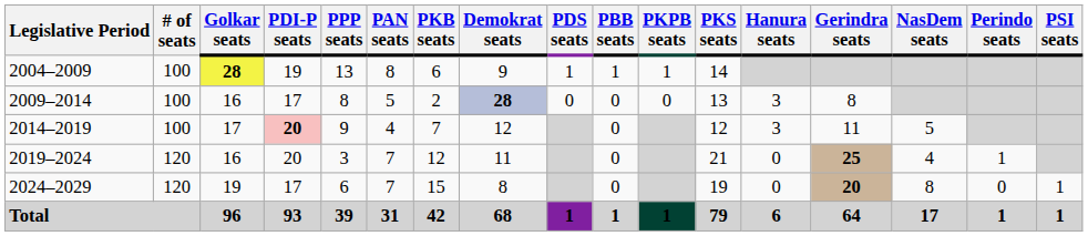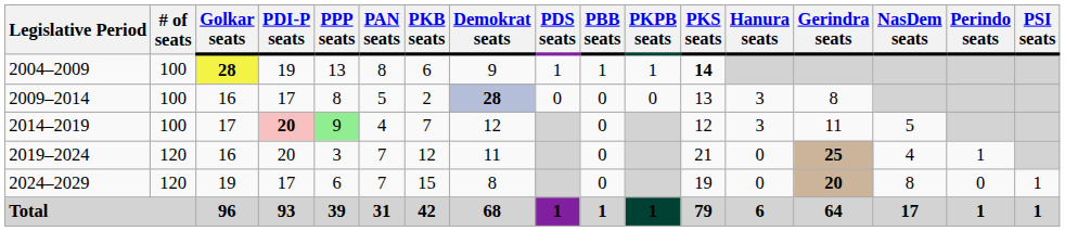 <table class="wikitable sortable" style="text-align:center">
 <tr>
 <th>Legislative Period</th>
 <th># of<br>seats</th>
 <th style="border-bottom:3px solid "><a href='#'>Golkar</a><br>seats</th>
 <th style="border-bottom:3px solid "><a href='#'>PDI-P</a><br>seats</th>
 <th style="border-bottom:3px solid "><a href='#'>PPP</a><br>seats</th>
 <th style="border-bottom:3px solid "><a href='#'>PAN</a><br>seats</th>
 <th style="border-bottom:3px solid "><a href='#'>PKB</a><br>seats</th>
 <th style="border-bottom:3px solid "><a href='#'>Demokrat</a><br>seats</th>
 <th style="border-bottom:3px solid #801fa0;"><a href='#'>PDS</a><br>seats</th>
 <th style="border-bottom:3px solid "><a href='#'>PBB</a><br>seats</th>
 <th style="border-bottom:3px solid #014133;"><a href='#'>PKPB</a><br>seats</th>
 <th style="border-bottom:3px solid "><a href='#'>PKS</a><br>seats</th>
 <th style="border-bottom:3px solid "><a href='#'>Hanura</a><br>seats</th>
 <th style="border-bottom:3px solid "><a href='#'>Gerindra</a><br>seats</th>
 <th style="border-bottom:3px solid "><a href='#'>NasDem</a><br>seats</th>
 <th style="border-bottom:3px solid "><a href='#'>Perindo</a><br>seats</th>
 <th style="border-bottom:3px solid "><a href='#'>PSI</a><br>seats</th>
 </tr>
 <tr>
 <td style="text-align:left">2004–2009</td>
 <td>100</td>
 <td bgcolor="#F3F345"><strong>28</strong></td>
 <td>19</td>
 <td>13</td>
 <td>8</td>
 <td>6</td>
 <td>9</td>
 <td>1</td>
 <td>1</td>
 <td>1</td>
-<td>14</td>
+<td><strong>14</strong></td>
 <td bgcolor=#D3D3D3></td>
 <td bgcolor=#D3D3D3></td>
 <td bgcolor=#D3D3D3></td>
 <td bgcolor=#D3D3D3></td>
 <td bgcolor=#D3D3D3></td>
 </tr>
 <tr>
 <td style="text-align:left">2009–2014</td>
 <td>100</td>
 <td>16</td>
 <td>17</td>
 <td>8</td>
 <td>5</td>
 <td>2</td>
 <td bgcolor="#B5BED9"><strong>28</strong></td>
 <td>0</td>
 <td>0</td>
 <td>0</td>
 <td>13</td>
 <td>3</td>
 <td>8</td>
 <td bgcolor=#D3D3D3></td>
 <td bgcolor=#D3D3D3></td>
 <td bgcolor=#D3D3D3></td>
 </tr>
 <tr>
 <td style="text-align:left">2014–2019</td>
 <td>100</td>
 <td>17</td>
 <td bgcolor="#F8C0C0"><strong>20</strong></td>
-<td>9</td>
+<td style="background: lightgreen;">9</td>
 <td>4</td>
 <td>7</td>
 <td>12</td>
 <td bgcolor=#D3D3D3></td>
 <td>0</td>
 <td bgcolor=#D3D3D3></td>
 <td>12</td>
 <td>3</td>
 <td>11</td>
 <td>5</td>
 <td bgcolor=#D3D3D3></td>
 <td bgcolor=#D3D3D3></td>
 </tr>
 <tr>
 <td style="text-align:left">2019–2024</td>
 <td>120</td>
 <td>16</td>
 <td>20</td>
 <td>3</td>
 <td>7</td>
 <td>12</td>
 <td>11</td>
 <td bgcolor=#D3D3D3></td>
 <td>0</td>
 <td bgcolor=#D3D3D3></td>
 <td>21</td>
 <td>0</td>
 <td bgcolor="#CBB499"><strong>25</strong></td>
 <td>4</td>
 <td>1</td>
 <td bgcolor=#D3D3D3></td>
 </tr>
 <tr>
 <td style="text-align:left">2024–2029</td>
 <td>120</td>
 <td>19</td>
 <td>17</td>
 <td>6</td>
 <td>7</td>
 <td>15</td>
 <td>8</td>
 <td bgcolor=#D3D3D3></td>
 <td>0</td>
 <td bgcolor=#D3D3D3></td>
 <td>19</td>
 <td>0</td>
 <td bgcolor="#CBB499"><strong>20</strong></td>
 <td>8</td>
 <td>0</td>
 <td>1</td>
 </tr>
 <tr class="sortbottom" bgcolor="lightgrey">
 <td style="text-align:left" colspan="2"><strong>Total</strong></td>
 <td><span><strong>96</strong></span></td>
 <td><span><strong>93</strong></span></td>
 <td><span><strong>39</strong></span></td>
 <td><span><strong>31</strong></span></td>
 <td><span><strong>42</strong></span></td>
 <td><span><strong>68</strong></span></td>
 <td bgcolor="#801fa0"><span><strong>1</strong></span></td>
 <td><span><strong>1</strong></span></td>
 <td bgcolor="#014133"><span><strong>1</strong></span></td>
 <td><span><strong>79</strong></span></td>
 <td><span><strong>6</strong></span></td>
 <td><span><strong>64</strong></span></td>
 <td><span><strong>17</strong></span></td>
 <td><span><strong>1</strong></span></td>
 <td><span><strong>1</strong></span></td>
 </tr>
 </table>
